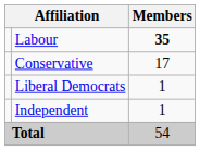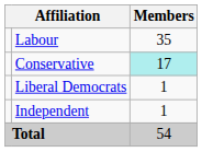 <table class="wikitable">
 <tr>
 <th colspan="2">Affiliation</th>
 <th>Members</th>
 </tr>
 <tr>
 <td></td>
 <td><a href='#'>Labour</a></td>
-<td style="text-align:center;"><strong>35</strong></td>
+<td style="text-align:center;">35</td>
 </tr>
 <tr>
 <td></td>
 <td><a href='#'>Conservative</a></td>
-<td style="text-align:center;">17</td>
+<td style="background: paleturquoise; text-align:center;">17</td>
 </tr>
 <tr>
 <td></td>
 <td><a href='#'>Liberal Democrats</a></td>
 <td style="text-align:center;">1</td>
 </tr>
 <tr>
 <td></td>
 <td><a href='#'>Independent</a></td>
 <td style="text-align:center;">1</td>
 </tr>
 <tr style="background:#ccc;">
 <td colspan="2"> <strong>Total</strong></td>
 <td style="text-align:center;">54</td>
 </tr>
 </table>
